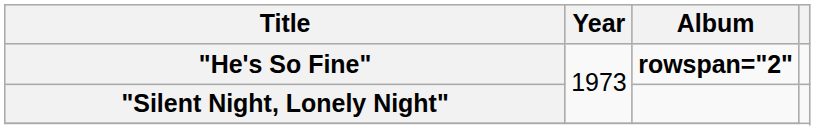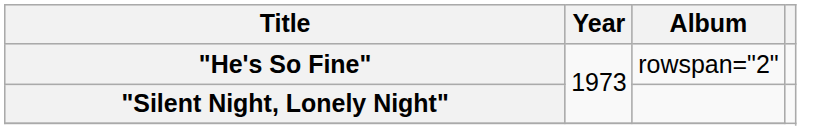 <table class="wikitable plainrowheaders" style="text-align:center;">
 <tr>
 <th style="width:22em;">Title</th>
 <th>Year</th>
 <th>Album</th>
 <th></th>
 </tr>
 <tr>
 <th scope="row">"He's So Fine" </th>
 <td rowspan="2">1973</td>
-<td><strong>rowspan="2" </strong></td>
+<td>rowspan="2" </td>
 <td align="center"></td>
 </tr>
 <tr>
 <th scope="row">"Silent Night, Lonely Night"</th>
 <td align="center"></td>
 </tr>
 <tr>
 </tr>
 </table>
